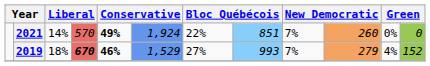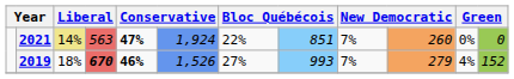 <table class="wikitable" style="float:right; width:400; font-size:90%; margin-left:1em;">
 <tr>
 <th colspan="2" scope="col">Year</th>
 <th colspan="2" scope="col"><a href='#'>Liberal</a></th>
 <th colspan="2" scope="col"><a href='#'>Conservative</a></th>
 <th colspan="2" scope="col"><a href='#'>Bloc Québécois</a></th>
 <th colspan="2" scope="col"><a href='#'>New Democratic</a></th>
 <th colspan="2" scope="col"><a href='#'>Green</a></th>
 </tr>
 <tr>
 <td rowspan="2" style="width: 0.25em; background-color: "></td>
 <th><a href='#'>2021</a></th>
-<td>14%</td>
-<td style="text-align:right; background:#EA6D6A;"><em>570</em></td>
-<td><strong>49%</strong></td>
+<td style="background: khaki;">14%</td>
+<td style="text-align:right; background:#EA6D6A;"><em>563</em></td>
+<td><strong>47%</strong></td>
 <td style="text-align:right; background:#6495ED;"><em>1,924</em></td>
 <td>22%</td>
 <td style="text-align:right; background:#87CEFA;"><em>851</em></td>
 <td>7%</td>
 <td style="text-align:right; background:#F4A460;"><em>260</em></td>
 <td>0%</td>
 <td style="text-align:right; background:#99C955;"><em>0</em></td>
 </tr>
 <tr>
 <th><a href='#'>2019</a></th>
 <td>18%</td>
 <td style="text-align:right; background:#EA6D6A;"><strong><em>670</em></strong></td>
 <td><strong>46%</strong></td>
-<td style="text-align:right; background:#6495ED;"><em>1,529</em></td>
+<td style="text-align:right; background:#6495ED;"><em>1,526</em></td>
 <td>27%</td>
 <td style="text-align:right; background:#87CEFA;"><em>993</em></td>
 <td>7%</td>
 <td style="text-align:right; background:#F4A460;"><em>279</em></td>
 <td>4%</td>
 <td style="text-align:right; background:#99C955;"><em>152</em></td>
 </tr>
 <tr>
 </tr>
 </table>
